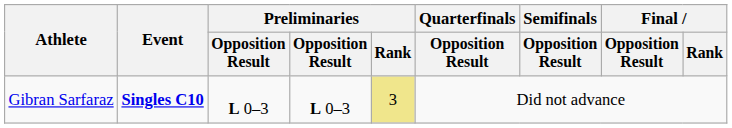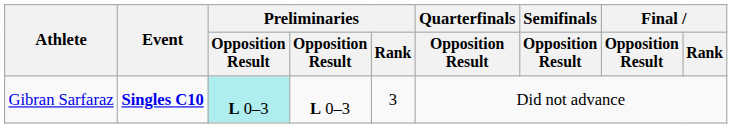 <table class=wikitable style="font-size:90%">
 <tr>
 <th rowspan="2">Athlete</th>
 <th rowspan="2">Event</th>
 <th colspan="3">Preliminaries</th>
 <th>Quarterfinals</th>
 <th>Semifinals</th>
 <th colspan="2">Final / </th>
 </tr>
 <tr style="font-size:95%">
 <th>Opposition<br>Result</th>
 <th>Opposition<br>Result</th>
 <th>Rank</th>
 <th>Opposition<br>Result</th>
 <th>Opposition<br>Result</th>
 <th>Opposition<br>Result</th>
 <th>Rank</th>
 </tr>
 <tr align=center>
 <td align=left><a href='#'>Gibran Sarfaraz</a></td>
 <td align=left><strong><a href='#'>Singles C10</a></strong></td>
+<td style="background: paleturquoise;"><br><strong>L</strong> 0–3</td>
 <td><br><strong>L</strong> 0–3</td>
-<td><br><strong>L</strong> 0–3</td>
-<td style="background: khaki;">3</td>
+<td>3</td>
 <td colspan=4>Did not advance</td>
 </tr>
 </table>
